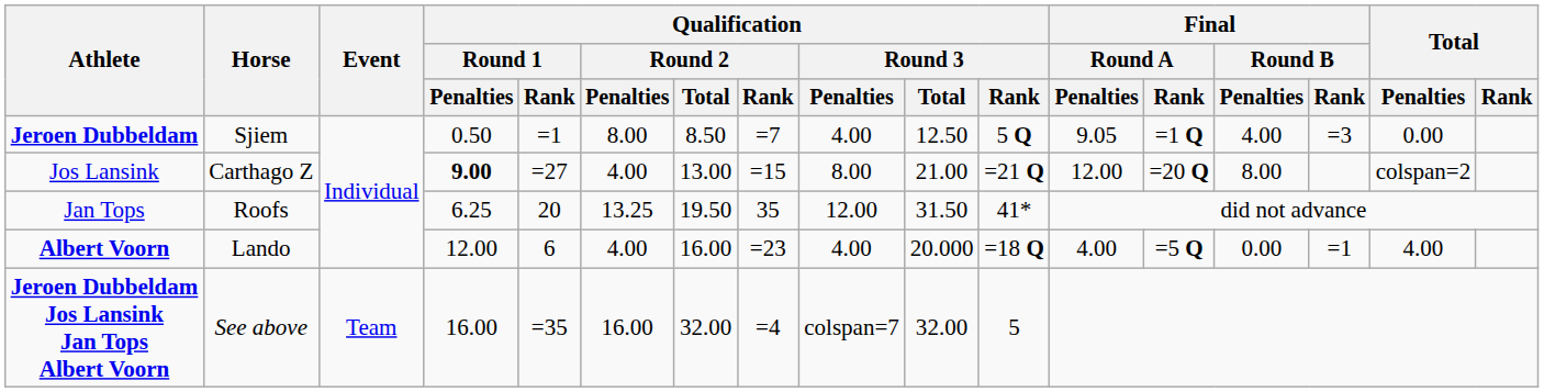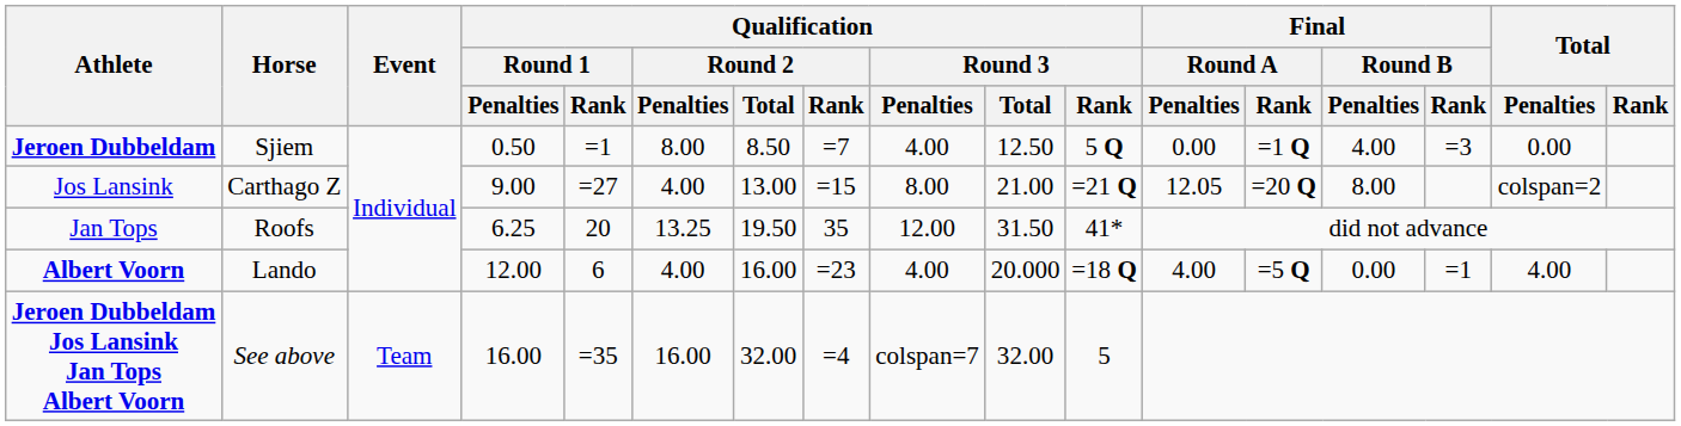 <table class="wikitable" style="font-size:90%">
 <tr>
 <th rowspan="3">Athlete</th>
 <th rowspan="3">Horse</th>
 <th rowspan="3">Event</th>
 <th colspan="8">Qualification</th>
 <th colspan="4">Final</th>
 <th colspan="2" rowspan="2">Total</th>
 </tr>
 <tr style="font-size:95%">
 <th colspan="2">Round 1</th>
 <th colspan="3">Round 2</th>
 <th colspan="3">Round 3</th>
 <th colspan="2">Round A</th>
 <th colspan="2">Round B</th>
 </tr>
 <tr style="font-size:95%">
 <th>Penalties</th>
 <th>Rank</th>
 <th>Penalties</th>
 <th>Total</th>
 <th>Rank</th>
 <th>Penalties</th>
 <th>Total</th>
 <th>Rank</th>
 <th>Penalties</th>
 <th>Rank</th>
 <th>Penalties</th>
 <th>Rank</th>
 <th>Penalties</th>
 <th>Rank</th>
 </tr>
 <tr align=center>
 <td><strong><a href='#'>Jeroen Dubbeldam</a></strong></td>
 <td>Sjiem</td>
 <td rowspan=4><a href='#'>Individual</a></td>
 <td>0.50</td>
 <td>=1</td>
 <td>8.00</td>
 <td>8.50</td>
 <td>=7</td>
 <td>4.00</td>
 <td>12.50</td>
 <td>5 <strong>Q</strong></td>
-<td>9.05</td>
+<td>0.00</td>
 <td>=1 <strong>Q</strong></td>
 <td>4.00</td>
 <td>=3</td>
 <td>0.00</td>
 <td></td>
 </tr>
 <tr align=center>
 <td><a href='#'>Jos Lansink</a></td>
 <td>Carthago Z</td>
-<td><strong>9.00</strong></td>
+<td>9.00</td>
 <td>=27</td>
 <td>4.00</td>
 <td>13.00</td>
 <td>=15</td>
 <td>8.00</td>
 <td>21.00</td>
 <td>=21 <strong>Q</strong></td>
-<td>12.00</td>
+<td>12.05</td>
 <td>=20 <strong>Q</strong></td>
 <td>8.00</td>
 <td></td>
 <td>colspan=2 </td>
 </tr>
 <tr align=center>
 <td><a href='#'>Jan Tops</a></td>
 <td>Roofs</td>
 <td>6.25</td>
 <td>20</td>
 <td>13.25</td>
 <td>19.50</td>
 <td>35</td>
 <td>12.00</td>
 <td>31.50</td>
 <td>41*</td>
 <td colspan=6>did not advance</td>
 </tr>
 <tr align=center>
 <td><strong><a href='#'>Albert Voorn</a></strong></td>
 <td>Lando</td>
 <td>12.00</td>
 <td>6</td>
 <td>4.00</td>
 <td>16.00</td>
 <td>=23</td>
 <td>4.00</td>
 <td>20.000</td>
 <td>=18 <strong>Q</strong></td>
 <td>4.00</td>
 <td>=5 <strong>Q</strong></td>
 <td>0.00</td>
 <td>=1</td>
 <td>4.00</td>
 <td></td>
 </tr>
 <tr align=center>
 <td><strong><a href='#'>Jeroen Dubbeldam</a><br><a href='#'>Jos Lansink</a><br><a href='#'>Jan Tops</a><br><a href='#'>Albert Voorn</a></strong></td>
 <td><em>See above</em></td>
 <td><a href='#'>Team</a></td>
 <td>16.00</td>
 <td>=35</td>
 <td>16.00</td>
 <td>32.00</td>
 <td>=4</td>
 <td>colspan=7 </td>
 <td>32.00</td>
 <td>5</td>
 </tr>
 </table>
